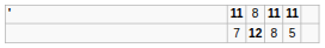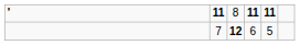 <table class="wikitable">
 <tr>
 <td style="width:18em"><strong>'</strong></td>
 <td align=center style="width:1em"><strong>11</strong></td>
 <td align=center style="width:1em">8</td>
 <td align=center style="width:1em"><strong>11</strong></td>
 <td align=center style="width:1em"><strong>11</strong></td>
 <td align=center style="width:1em"></td>
 </tr>
 <tr>
 <td style="width:18em"></td>
 <td align=center style="width:1em">7</td>
 <td align=center style="width:1em"><strong>12</strong></td>
-<td align=center style="width:1em">8</td>
+<td align=center style="width:1em">6</td>
 <td align=center style="width:1em">5</td>
 <td align=center style="width:1em"></td>
 </tr>
 </table>
